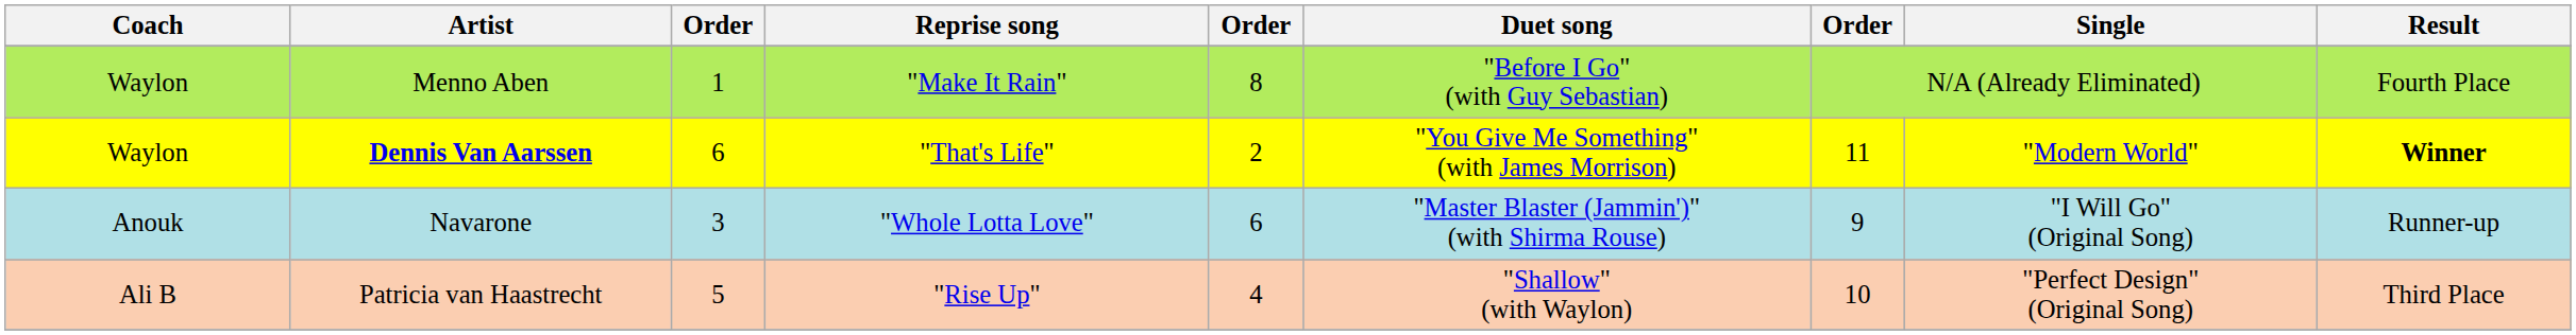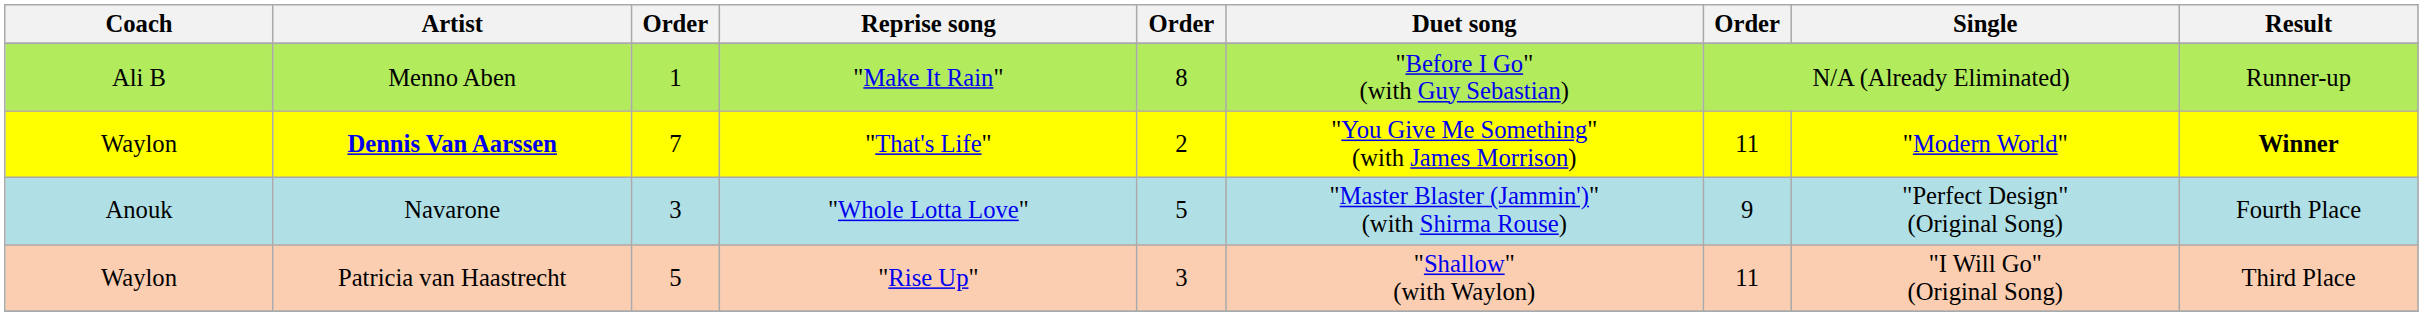 <table class="wikitable" style="text-align:center; width:100%%;">
 <tr>
 <th scope="col" width="09%">Coach</th>
 <th scope="col" width="12%">Artist</th>
 <th scope="col" width="02%">Order</th>
 <th scope="col" width="14%">Reprise song</th>
 <th scope="col" width="02%">Order</th>
 <th scope="col" width="16%">Duet song</th>
 <th scope="col" width="02%">Order</th>
 <th scope="col" width="13%">Single</th>
 <th scope="col" width="08%">Result</th>
 </tr>
 <tr>
 </tr>
 <tr style="background:#B2EC5D">
-<td>Waylon</td>
+<td>Ali B</td>
 <td>Menno Aben</td>
 <td>1</td>
 <td>"<a href='#'>Make It Rain</a>"</td>
 <td>8</td>
 <td>"<a href='#'>Before I Go</a>" <br> (with <a href='#'>Guy Sebastian</a>)</td>
 <td colspan="2">N/A (Already Eliminated)</td>
-<td>Fourth Place</td>
+<td>Runner-up</td>
 </tr>
 <tr style="background:yellow">
 <td>Waylon</td>
 <td><strong><a href='#'>Dennis Van Aarssen</a></strong></td>
-<td>6</td>
+<td>7</td>
 <td>"<a href='#'>That's Life</a>"</td>
 <td>2</td>
 <td>"<a href='#'>You Give Me Something</a>" <br> (with <a href='#'>James Morrison</a>)</td>
 <td>11</td>
 <td>"<a href='#'>Modern World</a>"</td>
 <td><strong>Winner</strong></td>
 </tr>
 <tr style="background:#B0E0E6">
 <td>Anouk</td>
 <td>Navarone</td>
 <td>3</td>
 <td>"<a href='#'>Whole Lotta Love</a>"</td>
-<td>6</td>
+<td>5</td>
 <td>"<a href='#'>Master Blaster (Jammin')</a>" <br> (with <a href='#'>Shirma Rouse</a>)</td>
 <td>9</td>
-<td>"I Will Go" <br> (Original Song)</td>
-<td>Runner-up</td>
+<td>"Perfect Design" <br> (Original Song)</td>
+<td>Fourth Place</td>
 </tr>
 <tr style="background:#FBCEB1">
-<td>Ali B</td>
+<td>Waylon</td>
 <td>Patricia van Haastrecht</td>
 <td>5</td>
 <td>"<a href='#'>Rise Up</a>"</td>
-<td>4</td>
+<td>3</td>
 <td>"<a href='#'>Shallow</a>" <br> (with Waylon)</td>
-<td>10</td>
-<td>"Perfect Design" <br> (Original Song)</td>
+<td>11</td>
+<td>"I Will Go" <br> (Original Song)</td>
 <td>Third Place</td>
 </tr>
 <tr>
 </tr>
 </table>
